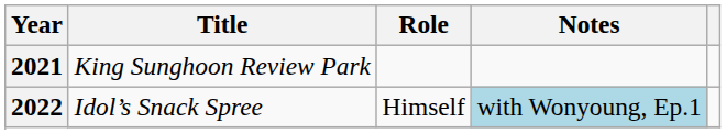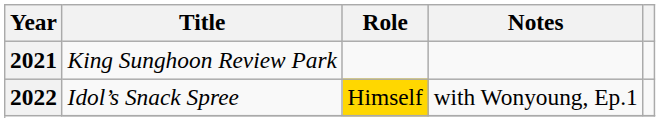 <table class="wikitable plainrowheaders">
 <tr>
 <th scope="col">Year</th>
 <th scope="col">Title</th>
 <th scope="col">Role</th>
 <th scope="col">Notes</th>
 <th scope="col" class="unsortable"></th>
 </tr>
 <tr>
 <th scope="row">2021</th>
 <td><em>King Sunghoon Review Park</em></td>
 <td></td>
 <td></td>
 <td></td>
 </tr>
 <tr>
 <th scope="row"  rowspan="2">2022</th>
 <td><em>Idol’s Snack Spree</em></td>
-<td rowspan="1">Himself</td>
-<td style="background: lightblue;">with Wonyoung, Ep.1</td>
+<td rowspan="1" style="background: gold;">Himself</td>
+<td>with Wonyoung, Ep.1</td>
 <td></td>
 </tr>
 <tr>
 </tr>
 </table>
